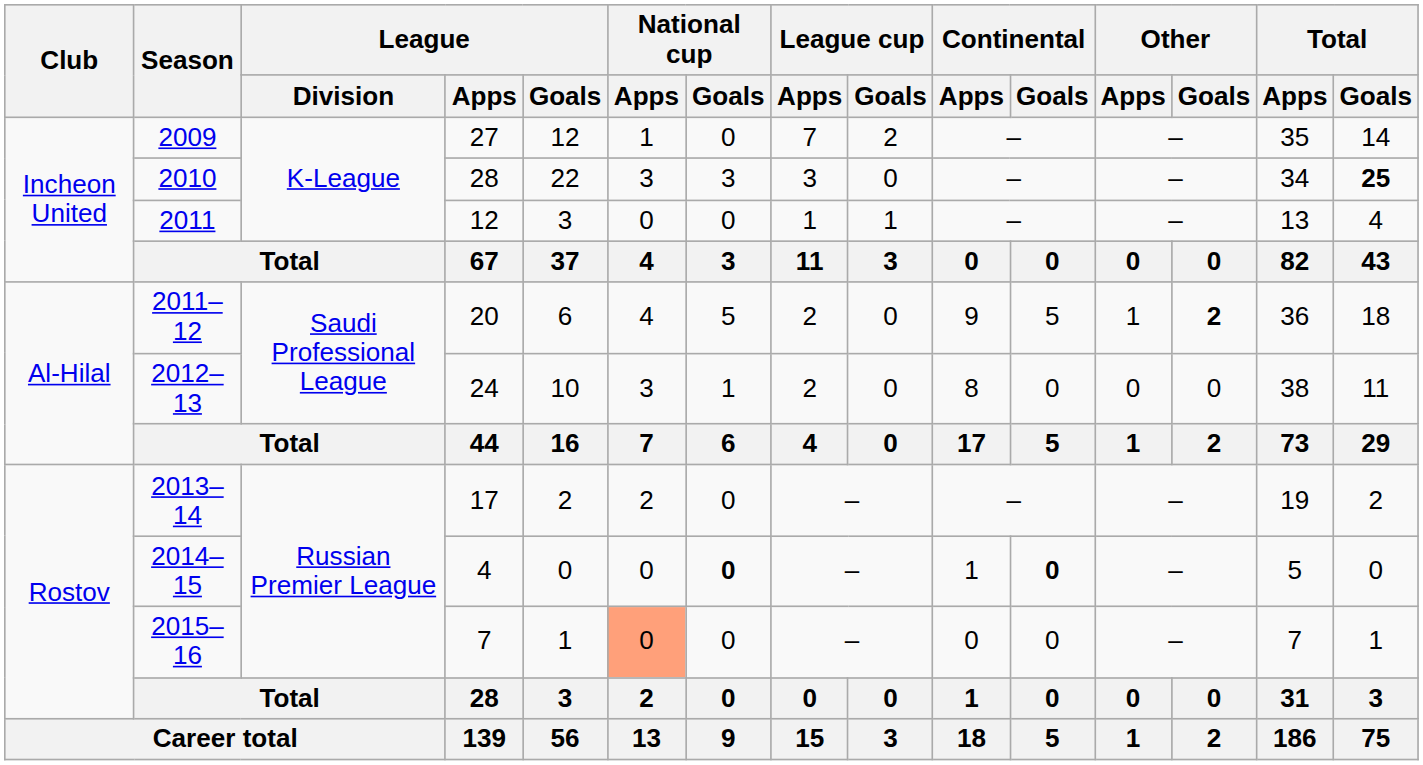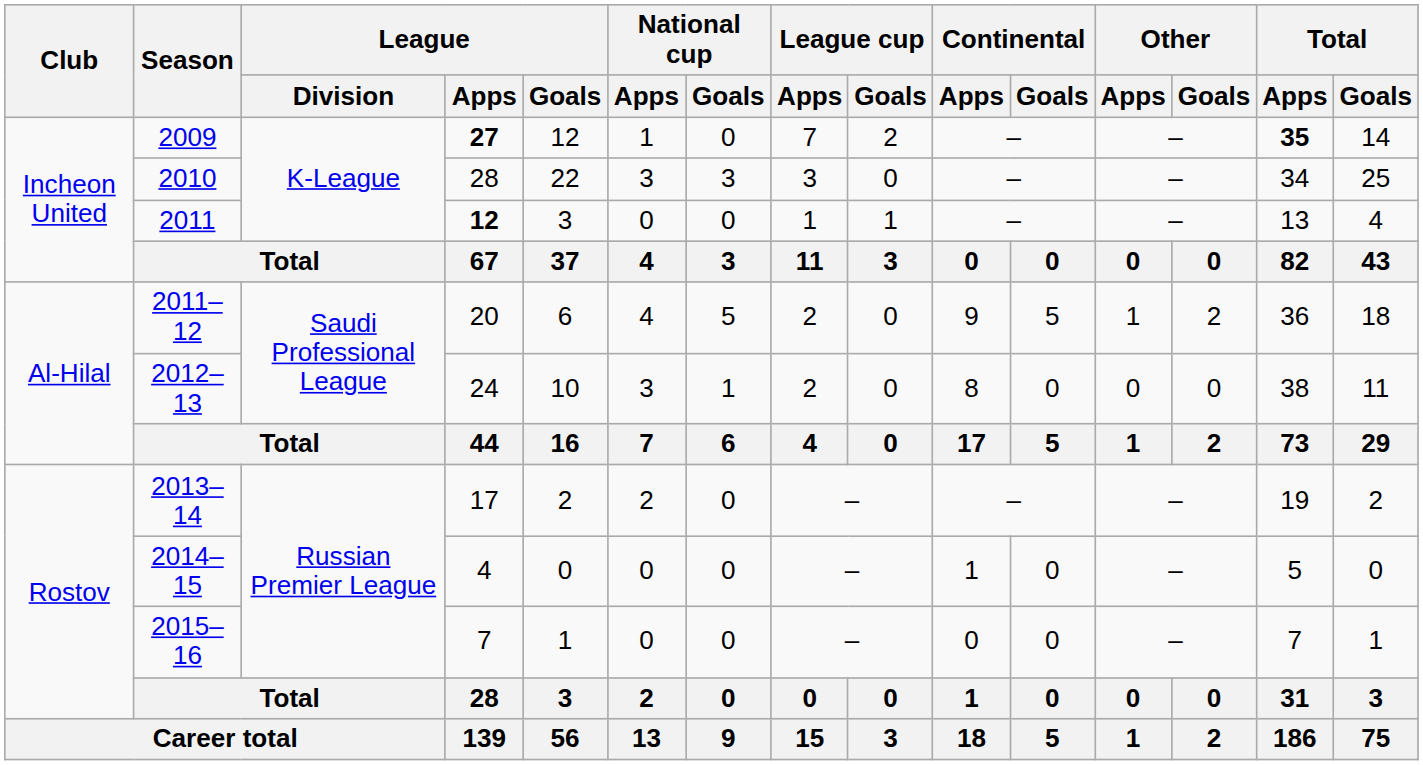 <table class="wikitable" style="text-align:center">
 <tr>
 <th rowspan="2">Club</th>
 <th rowspan="2">Season</th>
 <th colspan="3">League</th>
 <th colspan="2">National cup</th>
 <th colspan="2">League cup</th>
 <th colspan="2">Continental</th>
 <th colspan="2">Other</th>
 <th colspan="2">Total</th>
 </tr>
 <tr>
 <th>Division</th>
 <th>Apps</th>
 <th>Goals</th>
 <th>Apps</th>
 <th>Goals</th>
 <th>Apps</th>
 <th>Goals</th>
 <th>Apps</th>
 <th>Goals</th>
 <th>Apps</th>
 <th>Goals</th>
 <th>Apps</th>
 <th>Goals</th>
 </tr>
 <tr>
 <td rowspan="4"><a href='#'>Incheon United</a></td>
 <td><a href='#'>2009</a></td>
 <td rowspan="3"><a href='#'>K-League</a></td>
-<td>27</td>
+<td><strong>27</strong></td>
 <td>12</td>
 <td>1</td>
 <td>0</td>
 <td>7</td>
 <td>2</td>
 <td colspan="2">–</td>
 <td colspan="2">–</td>
-<td>35</td>
+<td><strong>35</strong></td>
 <td>14</td>
 </tr>
 <tr>
 <td><a href='#'>2010</a></td>
 <td>28</td>
 <td>22</td>
 <td>3</td>
 <td>3</td>
 <td>3</td>
 <td>0</td>
 <td colspan="2">–</td>
 <td colspan="2">–</td>
 <td>34</td>
-<td><strong>25</strong></td>
+<td>25</td>
 </tr>
 <tr>
 <td><a href='#'>2011</a></td>
-<td>12</td>
+<td><strong>12</strong></td>
 <td>3</td>
 <td>0</td>
 <td>0</td>
 <td>1</td>
 <td>1</td>
 <td colspan="2">–</td>
 <td colspan="2">–</td>
 <td>13</td>
 <td>4</td>
 </tr>
 <tr>
 <th colspan="2">Total</th>
 <th>67</th>
 <th>37</th>
 <th>4</th>
 <th>3</th>
 <th>11</th>
 <th>3</th>
 <th>0</th>
 <th>0</th>
 <th>0</th>
 <th>0</th>
 <th>82</th>
 <th>43</th>
 </tr>
 <tr>
 <td rowspan="3"><a href='#'>Al-Hilal</a></td>
 <td><a href='#'>2011–12</a></td>
 <td rowspan="2"><a href='#'>Saudi Professional League</a></td>
 <td>20</td>
 <td>6</td>
 <td>4</td>
 <td>5</td>
 <td>2</td>
 <td>0</td>
 <td>9</td>
 <td>5</td>
 <td>1</td>
-<td><strong>2</strong></td>
+<td>2</td>
 <td>36</td>
 <td>18</td>
 </tr>
 <tr>
 <td><a href='#'>2012–13</a></td>
 <td>24</td>
 <td>10</td>
 <td>3</td>
 <td>1</td>
 <td>2</td>
 <td>0</td>
 <td>8</td>
 <td>0</td>
 <td>0</td>
 <td>0</td>
 <td>38</td>
 <td>11</td>
 </tr>
 <tr>
 <th colspan="2">Total</th>
 <th>44</th>
 <th>16</th>
 <th>7</th>
 <th>6</th>
 <th>4</th>
 <th>0</th>
 <th>17</th>
 <th>5</th>
 <th>1</th>
 <th>2</th>
 <th>73</th>
 <th>29</th>
 </tr>
 <tr>
 <td rowspan="4"><a href='#'>Rostov</a></td>
 <td><a href='#'>2013–14</a></td>
 <td rowspan="3"><a href='#'>Russian Premier League</a></td>
 <td>17</td>
 <td>2</td>
 <td>2</td>
 <td>0</td>
 <td colspan="2">–</td>
 <td colspan="2">–</td>
 <td colspan="2">–</td>
 <td>19</td>
 <td>2</td>
 </tr>
 <tr>
 <td><a href='#'>2014–15</a></td>
 <td>4</td>
 <td>0</td>
 <td>0</td>
-<td><strong>0</strong></td>
+<td>0</td>
 <td colspan="2">–</td>
 <td>1</td>
-<td><strong>0</strong></td>
+<td>0</td>
 <td colspan="2">–</td>
 <td>5</td>
 <td>0</td>
 </tr>
 <tr>
 <td><a href='#'>2015–16</a></td>
 <td>7</td>
 <td>1</td>
-<td style="background: lightsalmon;">0</td>
+<td>0</td>
 <td>0</td>
 <td colspan="2">–</td>
 <td>0</td>
 <td>0</td>
 <td colspan="2">–</td>
 <td>7</td>
 <td>1</td>
 </tr>
 <tr>
 <th colspan="2">Total</th>
 <th>28</th>
 <th>3</th>
 <th>2</th>
 <th>0</th>
 <th>0</th>
 <th>0</th>
 <th>1</th>
 <th>0</th>
 <th>0</th>
 <th>0</th>
 <th>31</th>
 <th>3</th>
 </tr>
 <tr>
 <th colspan="3">Career total</th>
 <th>139</th>
 <th>56</th>
 <th>13</th>
 <th>9</th>
 <th>15</th>
 <th>3</th>
 <th>18</th>
 <th>5</th>
 <th>1</th>
 <th>2</th>
 <th>186</th>
 <th>75</th>
 </tr>
 </table>
